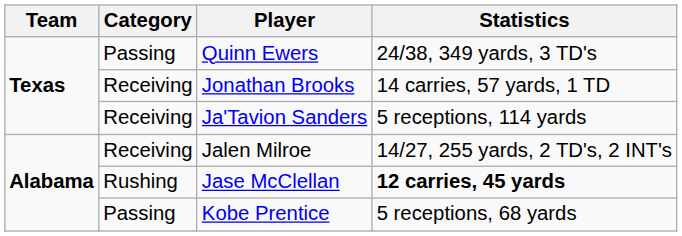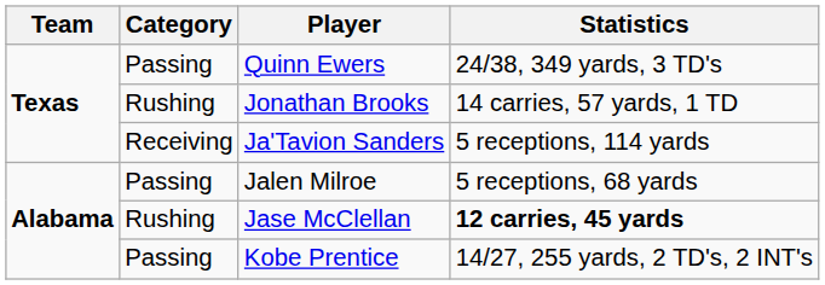 <table class="wikitable" style="float: right;">
 <tr>
 <th>Team</th>
 <th>Category</th>
 <th>Player</th>
 <th>Statistics</th>
 </tr>
 <tr>
 <td rowspan=3><strong>Texas</strong></td>
 <td>Passing</td>
 <td><a href='#'>Quinn Ewers</a></td>
 <td>24/38, 349 yards, 3 TD's</td>
 </tr>
 <tr>
-<td>Receiving</td>
+<td>Rushing</td>
 <td><a href='#'>Jonathan Brooks</a></td>
 <td>14 carries, 57 yards, 1 TD</td>
 </tr>
 <tr>
 <td>Receiving</td>
 <td><a href='#'>Ja'Tavion Sanders</a></td>
 <td>5 receptions, 114 yards</td>
 </tr>
 <tr>
 <td rowspan=3><strong>Alabama</strong></td>
-<td>Receiving</td>
+<td>Passing</td>
 <td>Jalen Milroe</td>
-<td>14/27, 255 yards, 2 TD's, 2 INT's</td>
+<td>5 receptions, 68 yards</td>
 </tr>
 <tr>
 <td>Rushing</td>
 <td><a href='#'>Jase McClellan</a></td>
 <td><strong>12 carries, 45 yards</strong></td>
 </tr>
 <tr>
 <td>Passing</td>
 <td><a href='#'>Kobe Prentice</a></td>
-<td>5 receptions, 68 yards</td>
+<td>14/27, 255 yards, 2 TD's, 2 INT's</td>
 </tr>
 </table>
